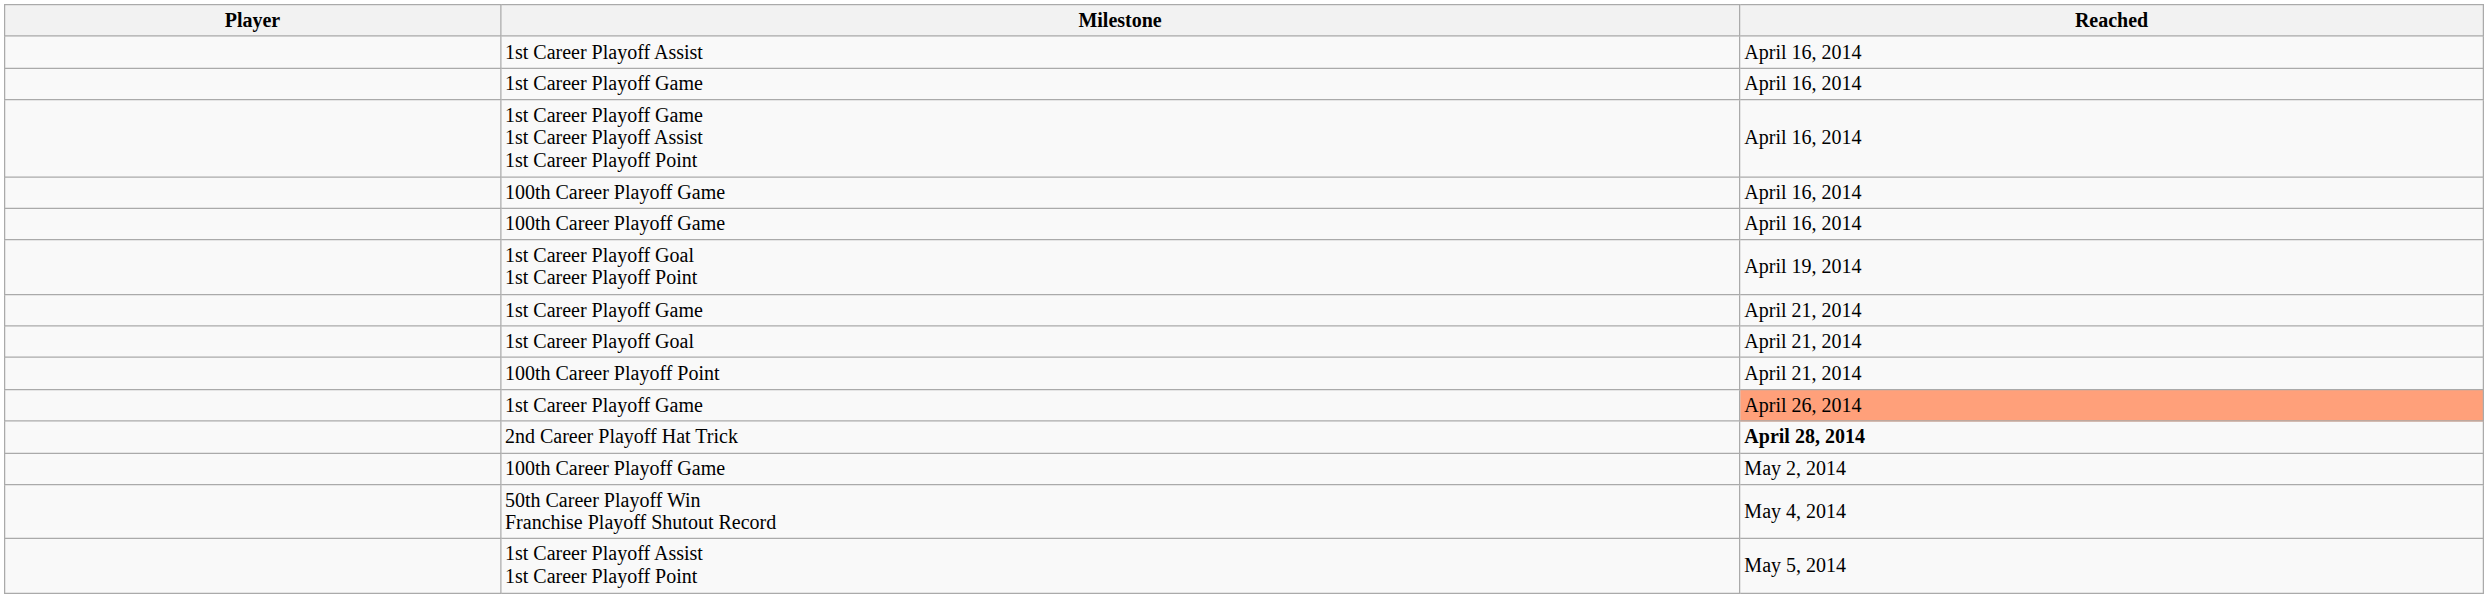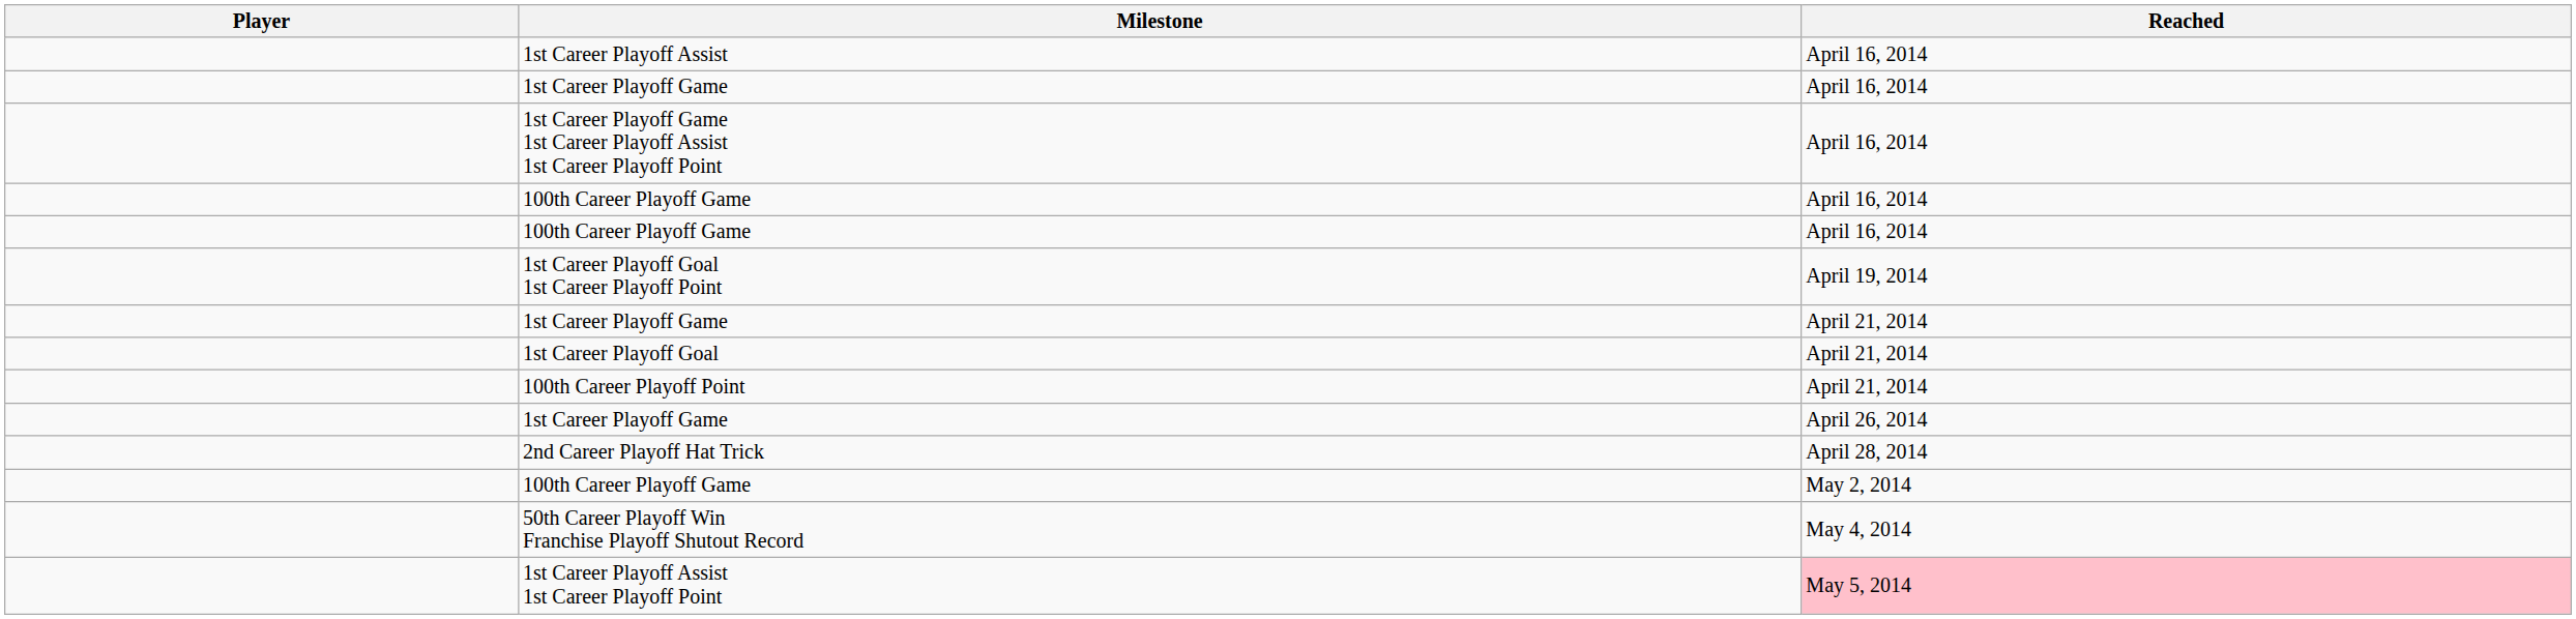 <table class="wikitable sortable" style="width:100%;">
 <tr align=center>
 <th style="width:20%;">Player</th>
 <th style="width:50%;">Milestone</th>
 <th style="width:30%;" data-sort-type="date">Reached</th>
 </tr>
 <tr>
 <td></td>
 <td>1st Career Playoff Assist</td>
 <td>April 16, 2014</td>
 </tr>
 <tr>
 <td></td>
 <td>1st Career Playoff Game</td>
 <td>April 16, 2014</td>
 </tr>
 <tr>
 <td></td>
 <td>1st Career Playoff Game<br>1st Career Playoff Assist<br>1st Career Playoff Point</td>
 <td>April 16, 2014</td>
 </tr>
 <tr>
 <td></td>
 <td>100th Career Playoff Game</td>
 <td>April 16, 2014</td>
 </tr>
 <tr>
 <td></td>
 <td>100th Career Playoff Game</td>
 <td>April 16, 2014</td>
 </tr>
 <tr>
 <td></td>
 <td>1st Career Playoff Goal<br>1st Career Playoff Point</td>
 <td>April 19, 2014</td>
 </tr>
 <tr>
 <td></td>
 <td>1st Career Playoff Game</td>
 <td>April 21, 2014</td>
 </tr>
 <tr>
 <td></td>
 <td>1st Career Playoff Goal</td>
 <td>April 21, 2014</td>
 </tr>
 <tr>
 <td></td>
 <td>100th Career Playoff Point</td>
 <td>April 21, 2014</td>
 </tr>
 <tr>
 <td></td>
 <td>1st Career Playoff Game</td>
-<td style="background: lightsalmon;">April 26, 2014</td>
+<td>April 26, 2014</td>
 </tr>
 <tr>
 <td></td>
 <td>2nd Career Playoff Hat Trick</td>
-<td><strong>April 28, 2014</strong></td>
+<td>April 28, 2014</td>
 </tr>
 <tr>
 <td></td>
 <td>100th Career Playoff Game</td>
 <td>May 2, 2014</td>
 </tr>
 <tr>
 <td></td>
 <td>50th Career Playoff Win<br>Franchise Playoff Shutout Record</td>
 <td>May 4, 2014</td>
 </tr>
 <tr>
 <td></td>
 <td>1st Career Playoff Assist<br>1st Career Playoff Point</td>
-<td>May 5, 2014</td>
+<td style="background: pink;">May 5, 2014</td>
 </tr>
 </table>
